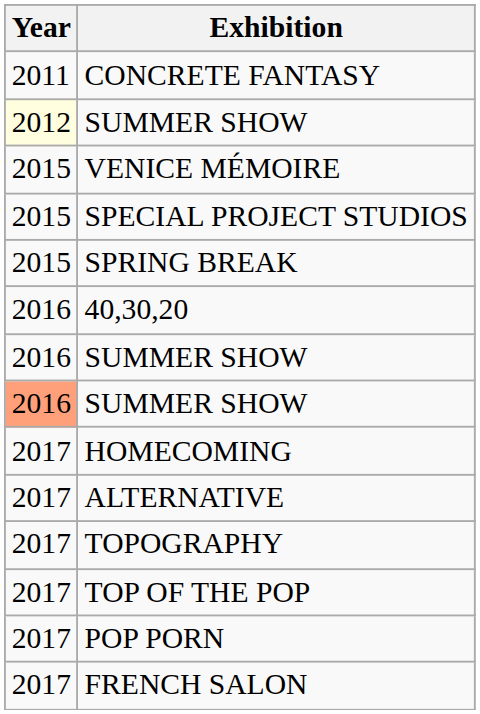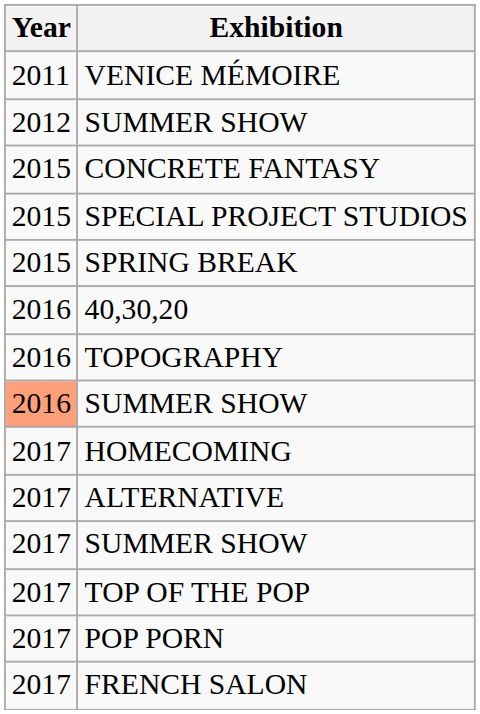 <table class="wikitable sortable">
 <tr>
 <th>Year</th>
 <th>Exhibition</th>
 </tr>
 <tr>
 <td>2011</td>
-<td>CONCRETE FANTASY</td>
+<td>VENICE MÉMOIRE</td>
 </tr>
 <tr>
-<td style="background: lightyellow;">2012</td>
+<td>2012</td>
 <td>SUMMER SHOW</td>
 </tr>
 <tr>
 <td>2015</td>
-<td>VENICE MÉMOIRE</td>
+<td>CONCRETE FANTASY</td>
 </tr>
 <tr>
 <td>2015</td>
 <td>SPECIAL PROJECT STUDIOS</td>
 </tr>
 <tr>
 <td>2015</td>
 <td>SPRING BREAK</td>
 </tr>
 <tr>
 <td>2016</td>
 <td>40,30,20</td>
 </tr>
 <tr>
 <td>2016</td>
-<td>SUMMER SHOW</td>
+<td>TOPOGRAPHY</td>
 </tr>
 <tr>
 <td style="background: lightsalmon;">2016</td>
 <td>SUMMER SHOW</td>
 </tr>
 <tr>
 <td>2017</td>
 <td>HOMECOMING</td>
 </tr>
 <tr>
 <td>2017</td>
 <td>ALTERNATIVE</td>
 </tr>
 <tr>
 <td>2017</td>
-<td>TOPOGRAPHY</td>
+<td>SUMMER SHOW</td>
 </tr>
 <tr>
 <td>2017</td>
 <td>TOP OF THE POP</td>
 </tr>
 <tr>
 <td>2017</td>
 <td>POP PORN</td>
 </tr>
 <tr>
 <td>2017</td>
 <td>FRENCH SALON</td>
 </tr>
 </table>
